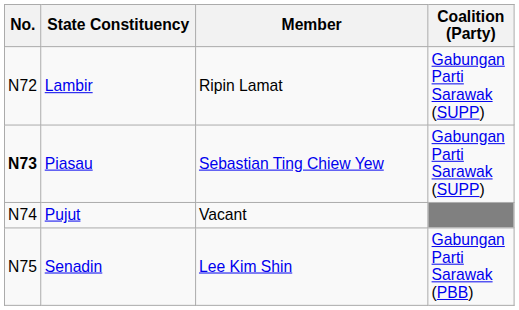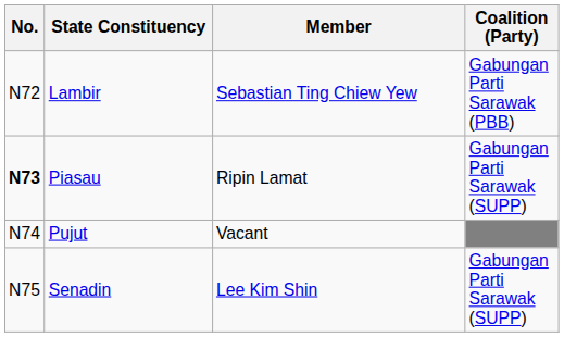 <table class="wikitable">
 <tr>
 <th width="30">No.</th>
 <th width="150">State Constituency</th>
 <th width="230">Member</th>
 <th width="80">Coalition (Party)</th>
 </tr>
 <tr>
 <td>N72</td>
 <td><a href='#'>Lambir</a></td>
-<td>Ripin Lamat</td>
-<td><a href='#'>Gabungan Parti Sarawak</a> (<a href='#'>SUPP</a>)</td>
+<td><a href='#'>Sebastian Ting Chiew Yew</a></td>
+<td><a href='#'>Gabungan Parti Sarawak</a> (<a href='#'>PBB</a>)</td>
 </tr>
 <tr>
 <td><strong>N73</strong></td>
 <td><a href='#'>Piasau</a></td>
-<td><a href='#'>Sebastian Ting Chiew Yew</a></td>
+<td>Ripin Lamat</td>
 <td><a href='#'>Gabungan Parti Sarawak</a> (<a href='#'>SUPP</a>)</td>
 </tr>
 <tr>
 <td>N74</td>
 <td><a href='#'>Pujut</a></td>
 <td>Vacant</td>
 <td bgcolor="grey"></td>
 </tr>
 <tr>
 <td>N75</td>
 <td><a href='#'>Senadin</a></td>
 <td><a href='#'>Lee Kim Shin</a></td>
-<td><a href='#'>Gabungan Parti Sarawak</a> (<a href='#'>PBB</a>)</td>
+<td><a href='#'>Gabungan Parti Sarawak</a> (<a href='#'>SUPP</a>)</td>
 </tr>
 </table>
